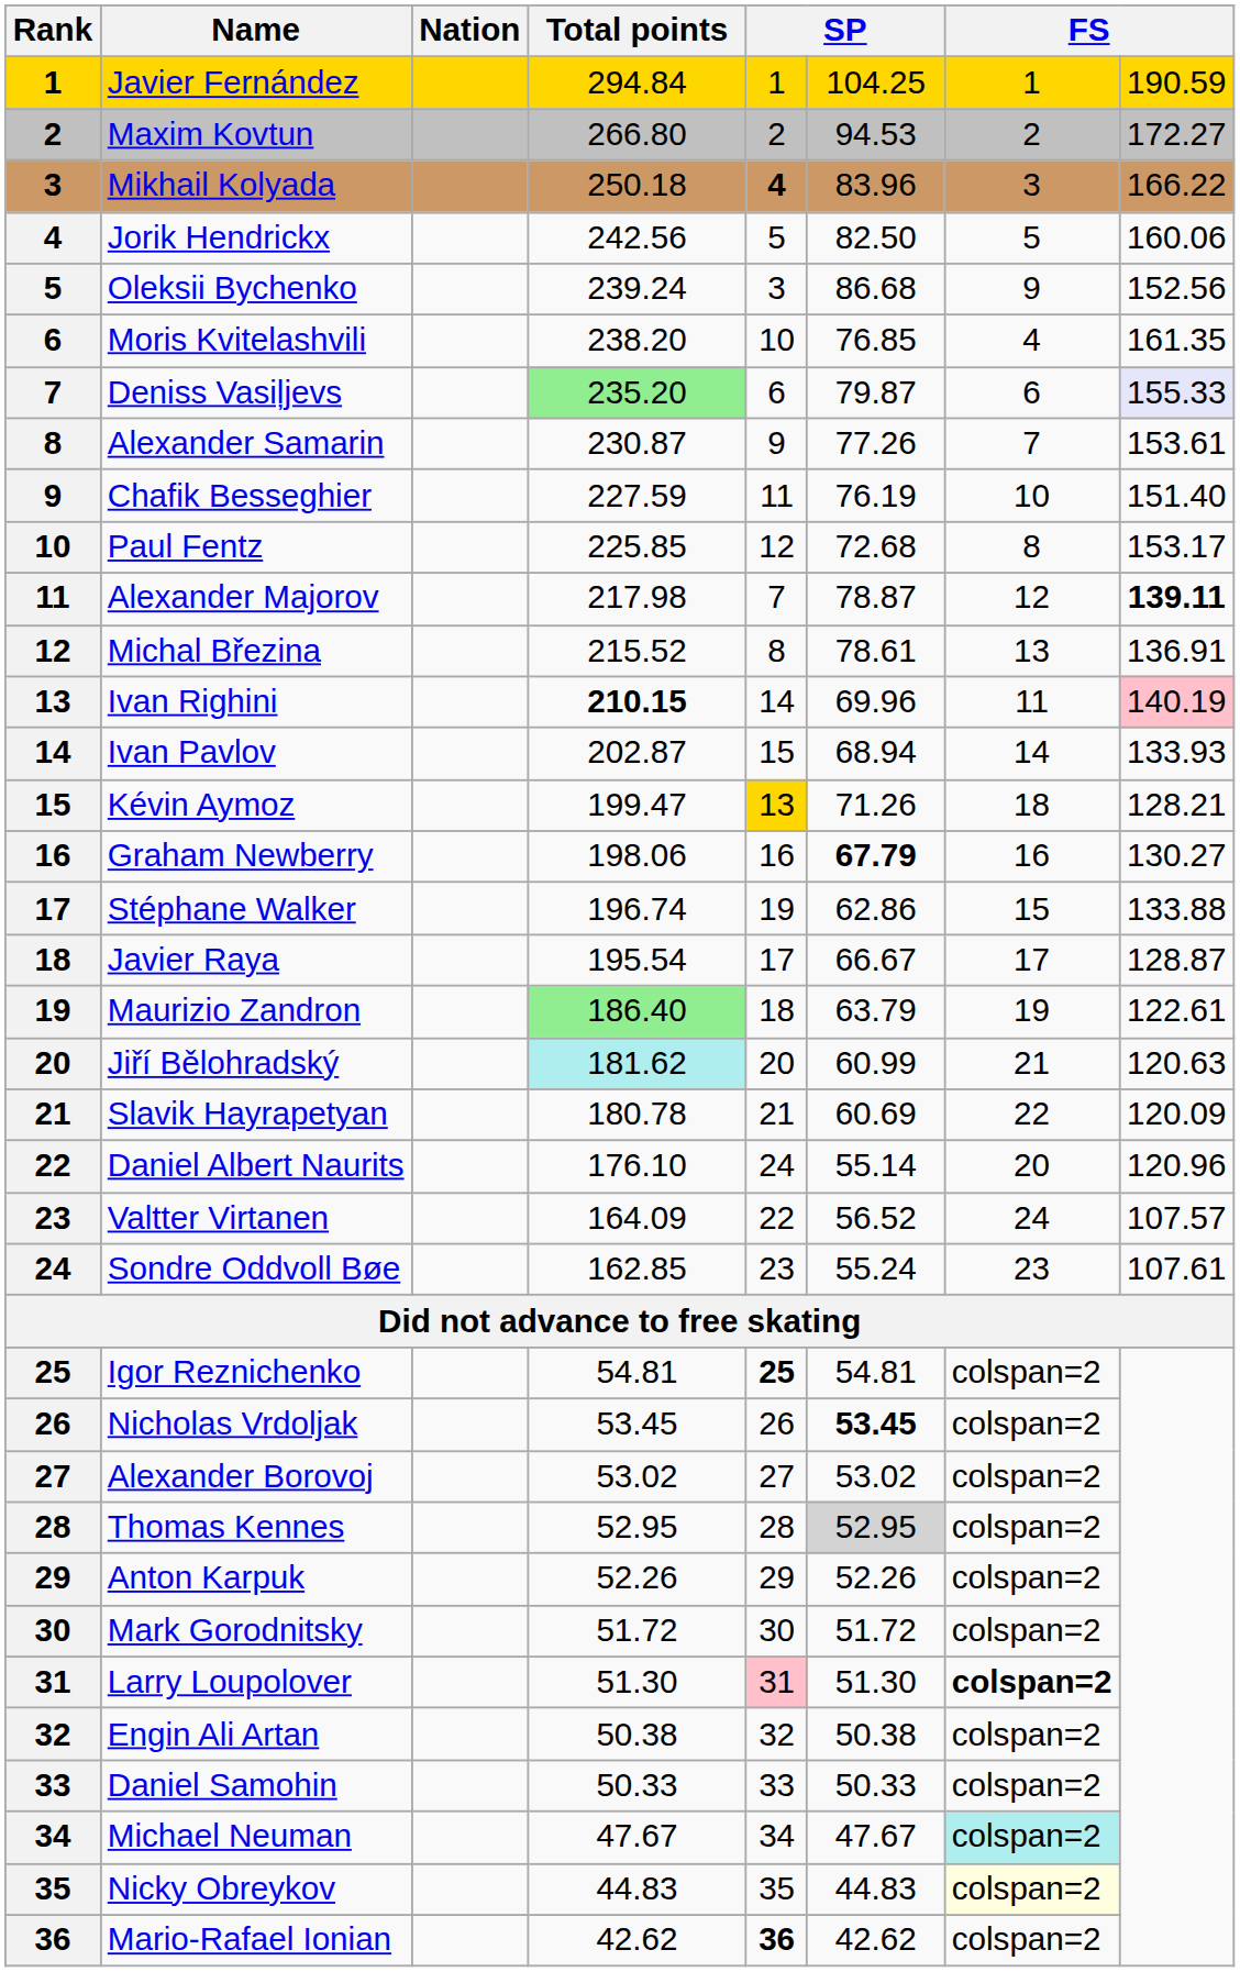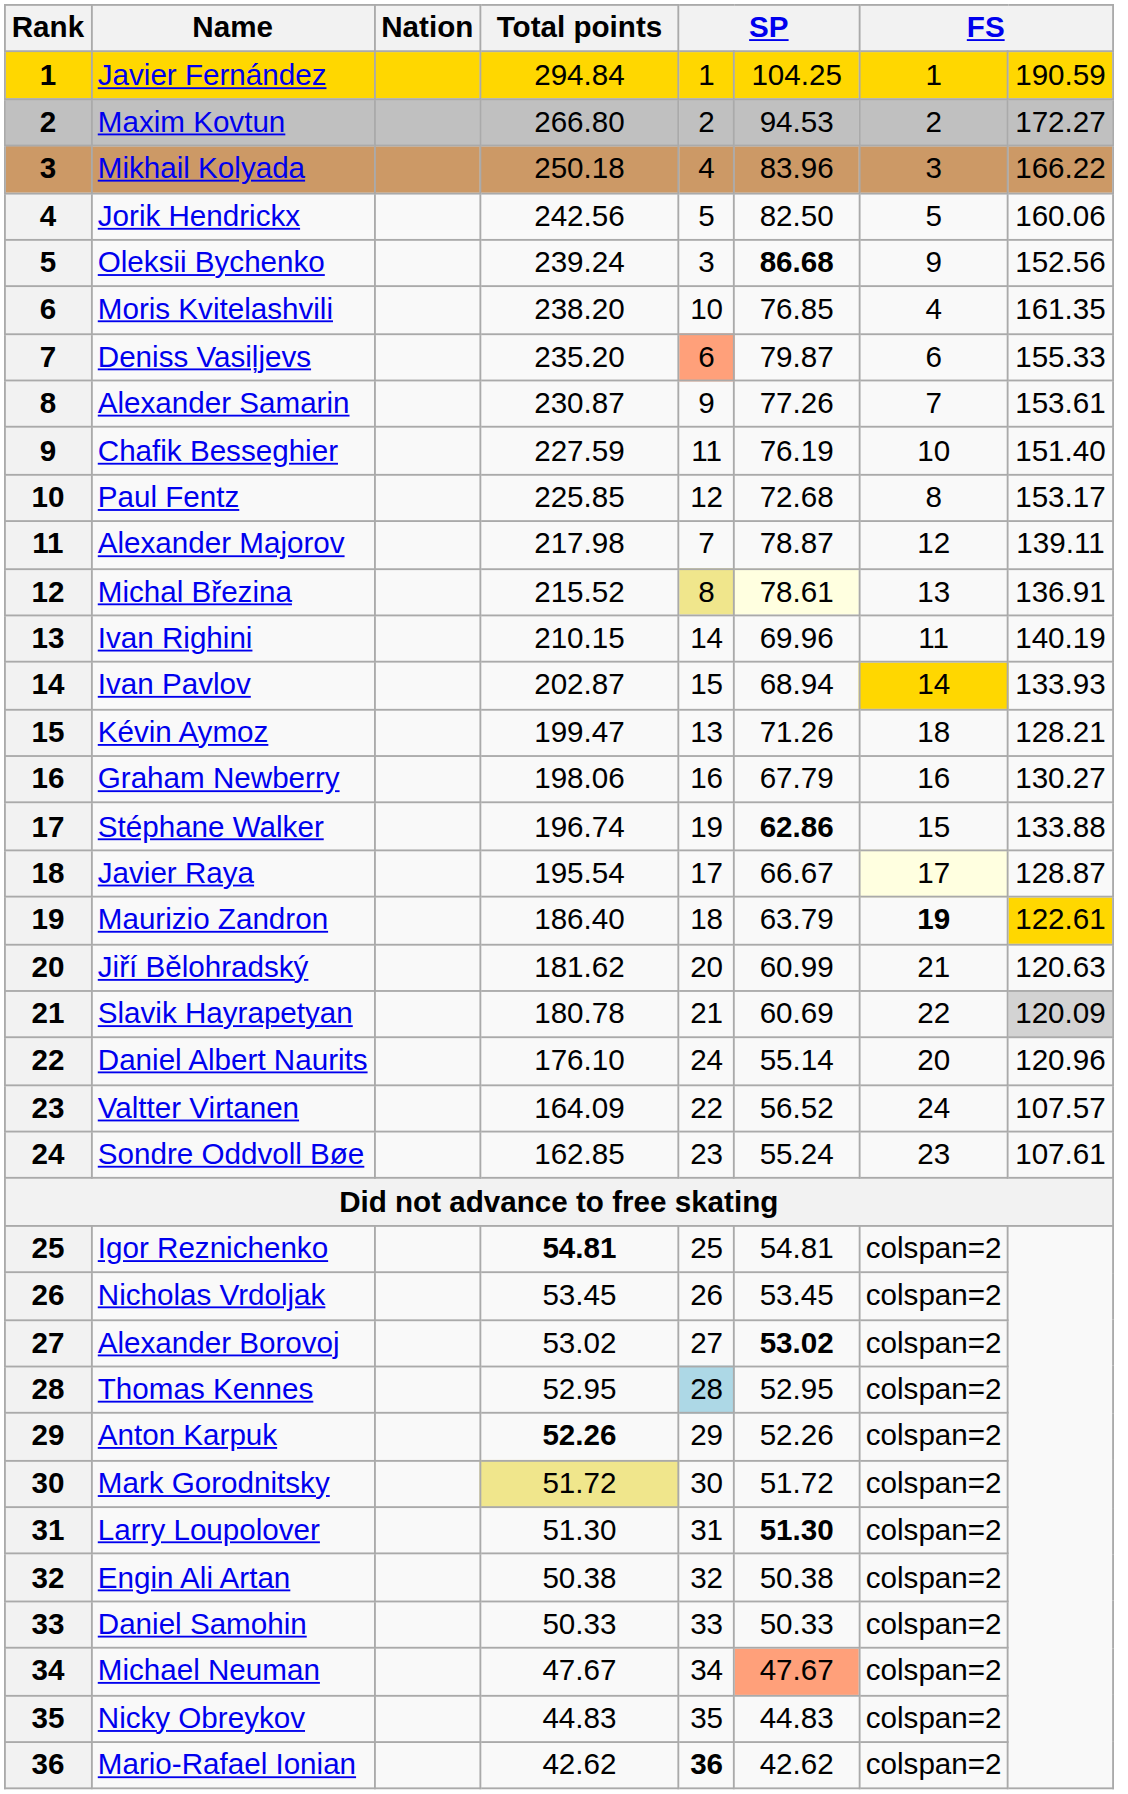 <table class="wikitable sortable">
 <tr>
 <th>Rank</th>
 <th>Name</th>
 <th>Nation</th>
 <th width="100px">Total points</th>
 <th colspan="2" width="90px"><a href='#'>SP</a></th>
 <th colspan="2" width="90px"><a href='#'>FS</a></th>
 </tr>
 <tr bgcolor="gold">
 <td align="center" bgcolor="gold"><strong>1</strong></td>
 <td><a href='#'>Javier Fernández</a></td>
 <td></td>
 <td align="center">294.84</td>
 <td align="center">1</td>
 <td align="center">104.25</td>
 <td align="center">1</td>
 <td align="center">190.59</td>
 </tr>
 <tr bgcolor="silver">
 <td align="center" bgcolor="silver"><strong>2</strong></td>
 <td><a href='#'>Maxim Kovtun</a></td>
 <td></td>
 <td align="center">266.80</td>
 <td align="center">2</td>
 <td align="center">94.53</td>
 <td align="center">2</td>
 <td align="center">172.27</td>
 </tr>
 <tr bgcolor="#cc9966">
 <td align="center" bgcolor="#cc9966"><strong>3</strong></td>
 <td><a href='#'>Mikhail Kolyada</a></td>
 <td></td>
 <td align="center">250.18</td>
-<td align="center"><strong>4</strong></td>
+<td align="center">4</td>
 <td align="center">83.96</td>
 <td align="center">3</td>
 <td align="center">166.22</td>
 </tr>
 <tr>
 <th>4</th>
 <td><a href='#'>Jorik Hendrickx</a></td>
 <td></td>
 <td align="center">242.56</td>
 <td align="center">5</td>
 <td align="center">82.50</td>
 <td align="center">5</td>
 <td align="center">160.06</td>
 </tr>
 <tr>
 <th>5</th>
 <td><a href='#'>Oleksii Bychenko</a></td>
 <td></td>
 <td align="center">239.24</td>
 <td align="center">3</td>
-<td align="center">86.68</td>
+<td align="center"><strong>86.68</strong></td>
 <td align="center">9</td>
 <td align="center">152.56</td>
 </tr>
 <tr>
 <th>6</th>
 <td><a href='#'>Moris Kvitelashvili</a></td>
 <td></td>
 <td align="center">238.20</td>
 <td align="center">10</td>
 <td align="center">76.85</td>
 <td align="center">4</td>
 <td align="center">161.35</td>
 </tr>
 <tr>
 <th>7</th>
 <td><a href='#'>Deniss Vasiļjevs</a></td>
 <td></td>
-<td align="center" style="background: lightgreen;">235.20</td>
-<td align="center">6</td>
+<td align="center">235.20</td>
+<td align="center" style="background: lightsalmon;">6</td>
 <td align="center">79.87</td>
 <td align="center">6</td>
-<td align="center" style="background: lavender;">155.33</td>
+<td align="center">155.33</td>
 </tr>
 <tr>
 <th>8</th>
 <td><a href='#'>Alexander Samarin</a></td>
 <td></td>
 <td align="center">230.87</td>
 <td align="center">9</td>
 <td align="center">77.26</td>
 <td align="center">7</td>
 <td align="center">153.61</td>
 </tr>
 <tr>
 <th>9</th>
 <td><a href='#'>Chafik Besseghier</a></td>
 <td></td>
 <td align="center">227.59</td>
 <td align="center">11</td>
 <td align="center">76.19</td>
 <td align="center">10</td>
 <td align="center">151.40</td>
 </tr>
 <tr>
 <th>10</th>
 <td><a href='#'>Paul Fentz</a></td>
 <td></td>
 <td align="center">225.85</td>
 <td align="center">12</td>
 <td align="center">72.68</td>
 <td align="center">8</td>
 <td align="center">153.17</td>
 </tr>
 <tr>
 <th>11</th>
 <td><a href='#'>Alexander Majorov</a></td>
 <td></td>
 <td align="center">217.98</td>
 <td align="center">7</td>
 <td align="center">78.87</td>
 <td align="center">12</td>
-<td align="center"><strong>139.11</strong></td>
+<td align="center">139.11</td>
 </tr>
 <tr>
 <th>12</th>
 <td><a href='#'>Michal Březina</a></td>
 <td></td>
 <td align="center">215.52</td>
-<td align="center">8</td>
-<td align="center">78.61</td>
+<td align="center" style="background: khaki;">8</td>
+<td align="center" style="background: lightyellow;">78.61</td>
 <td align="center">13</td>
 <td align="center">136.91</td>
 </tr>
 <tr>
 <th>13</th>
 <td><a href='#'>Ivan Righini</a></td>
 <td></td>
-<td align="center"><strong>210.15</strong></td>
+<td align="center">210.15</td>
 <td align="center">14</td>
 <td align="center">69.96</td>
 <td align="center">11</td>
-<td align="center" style="background: pink;">140.19</td>
+<td align="center">140.19</td>
 </tr>
 <tr>
 <th>14</th>
 <td><a href='#'>Ivan Pavlov</a></td>
 <td></td>
 <td align="center">202.87</td>
 <td align="center">15</td>
 <td align="center">68.94</td>
-<td align="center">14</td>
+<td align="center" style="background: gold;">14</td>
 <td align="center">133.93</td>
 </tr>
 <tr>
 <th>15</th>
 <td><a href='#'>Kévin Aymoz</a></td>
 <td></td>
 <td align="center">199.47</td>
-<td align="center" style="background: gold;">13</td>
+<td align="center">13</td>
 <td align="center">71.26</td>
 <td align="center">18</td>
 <td align="center">128.21</td>
 </tr>
 <tr>
 <th>16</th>
 <td><a href='#'>Graham Newberry</a></td>
 <td></td>
 <td align="center">198.06</td>
 <td align="center">16</td>
-<td align="center"><strong>67.79</strong></td>
+<td align="center">67.79</td>
 <td align="center">16</td>
 <td align="center">130.27</td>
 </tr>
 <tr>
 <th>17</th>
 <td><a href='#'>Stéphane Walker</a></td>
 <td></td>
 <td align="center">196.74</td>
 <td align="center">19</td>
-<td align="center">62.86</td>
+<td align="center"><strong>62.86</strong></td>
 <td align="center">15</td>
 <td align="center">133.88</td>
 </tr>
 <tr>
 <th>18</th>
 <td><a href='#'>Javier Raya</a></td>
 <td></td>
 <td align="center">195.54</td>
 <td align="center">17</td>
 <td align="center">66.67</td>
-<td align="center">17</td>
+<td align="center" style="background: lightyellow;">17</td>
 <td align="center">128.87</td>
 </tr>
 <tr>
 <th>19</th>
 <td><a href='#'>Maurizio Zandron</a></td>
 <td></td>
-<td align="center" style="background: lightgreen;">186.40</td>
+<td align="center">186.40</td>
 <td align="center">18</td>
 <td align="center">63.79</td>
-<td align="center">19</td>
-<td align="center">122.61</td>
+<td align="center"><strong>19</strong></td>
+<td align="center" style="background: gold;">122.61</td>
 </tr>
 <tr>
 <th>20</th>
 <td><a href='#'>Jiří Bělohradský</a></td>
 <td></td>
-<td align="center" style="background: paleturquoise;">181.62</td>
+<td align="center">181.62</td>
 <td align="center">20</td>
 <td align="center">60.99</td>
 <td align="center">21</td>
 <td align="center">120.63</td>
 </tr>
 <tr>
 <th>21</th>
 <td><a href='#'>Slavik Hayrapetyan</a></td>
 <td></td>
 <td align="center">180.78</td>
 <td align="center">21</td>
 <td align="center">60.69</td>
 <td align="center">22</td>
-<td align="center">120.09</td>
+<td align="center" style="background: lightgrey;">120.09</td>
 </tr>
 <tr>
 <th>22</th>
 <td><a href='#'>Daniel Albert Naurits</a></td>
 <td></td>
 <td align="center">176.10</td>
 <td align="center">24</td>
 <td align="center">55.14</td>
 <td align="center">20</td>
 <td align="center">120.96</td>
 </tr>
 <tr>
 <th>23</th>
 <td><a href='#'>Valtter Virtanen</a></td>
 <td></td>
 <td align="center">164.09</td>
 <td align="center">22</td>
 <td align="center">56.52</td>
 <td align="center">24</td>
 <td align="center">107.57</td>
 </tr>
 <tr>
 <th>24</th>
 <td><a href='#'>Sondre Oddvoll Bøe</a></td>
 <td></td>
 <td align="center">162.85</td>
 <td align="center">23</td>
 <td align="center">55.24</td>
 <td align="center">23</td>
 <td align="center">107.61</td>
 </tr>
 <tr>
 <th colspan=8>Did not advance to free skating</th>
 </tr>
 <tr>
 <th>25</th>
 <td><a href='#'>Igor Reznichenko</a></td>
 <td></td>
-<td align="center">54.81</td>
-<td align="center"><strong>25</strong></td>
+<td align="center"><strong>54.81</strong></td>
+<td align="center">25</td>
 <td align="center">54.81</td>
 <td>colspan=2 </td>
 </tr>
 <tr>
 <th>26</th>
 <td><a href='#'>Nicholas Vrdoljak</a></td>
 <td></td>
 <td align="center">53.45</td>
 <td align="center">26</td>
-<td align="center"><strong>53.45</strong></td>
+<td align="center">53.45</td>
 <td>colspan=2 </td>
 </tr>
 <tr>
 <th>27</th>
 <td><a href='#'>Alexander Borovoj</a></td>
 <td></td>
 <td align="center">53.02</td>
 <td align="center">27</td>
-<td align="center">53.02</td>
+<td align="center"><strong>53.02</strong></td>
 <td>colspan=2 </td>
 </tr>
 <tr>
 <th>28</th>
 <td><a href='#'>Thomas Kennes</a></td>
 <td></td>
 <td align="center">52.95</td>
-<td align="center">28</td>
-<td align="center" style="background: lightgrey;">52.95</td>
+<td align="center" style="background: lightblue;">28</td>
+<td align="center">52.95</td>
 <td>colspan=2 </td>
 </tr>
 <tr>
 <th>29</th>
 <td><a href='#'>Anton Karpuk</a></td>
 <td></td>
-<td align="center">52.26</td>
+<td align="center"><strong>52.26</strong></td>
 <td align="center">29</td>
 <td align="center">52.26</td>
 <td>colspan=2 </td>
 </tr>
 <tr>
 <th>30</th>
 <td><a href='#'>Mark Gorodnitsky</a></td>
 <td></td>
-<td align="center">51.72</td>
+<td align="center" style="background: khaki;">51.72</td>
 <td align="center">30</td>
 <td align="center">51.72</td>
 <td>colspan=2 </td>
 </tr>
 <tr>
 <th>31</th>
 <td><a href='#'>Larry Loupolover</a></td>
 <td></td>
 <td align="center">51.30</td>
-<td align="center" style="background: pink;">31</td>
-<td align="center">51.30</td>
-<td><strong>colspan=2 </strong></td>
+<td align="center">31</td>
+<td align="center"><strong>51.30</strong></td>
+<td>colspan=2 </td>
 </tr>
 <tr>
 <th>32</th>
 <td><a href='#'>Engin Ali Artan</a></td>
 <td></td>
 <td align="center">50.38</td>
 <td align="center">32</td>
 <td align="center">50.38</td>
 <td>colspan=2 </td>
 </tr>
 <tr>
 <th>33</th>
 <td><a href='#'>Daniel Samohin</a></td>
 <td></td>
 <td align="center">50.33</td>
 <td align="center">33</td>
 <td align="center">50.33</td>
 <td>colspan=2 </td>
 </tr>
 <tr>
 <th>34</th>
 <td><a href='#'>Michael Neuman</a></td>
 <td></td>
 <td align="center">47.67</td>
 <td align="center">34</td>
-<td align="center">47.67</td>
-<td style="background: paleturquoise;">colspan=2 </td>
+<td align="center" style="background: lightsalmon;">47.67</td>
+<td>colspan=2 </td>
 </tr>
 <tr>
 <th>35</th>
 <td><a href='#'>Nicky Obreykov</a></td>
 <td></td>
 <td align="center">44.83</td>
 <td align="center">35</td>
 <td align="center">44.83</td>
-<td style="background: lightyellow;">colspan=2 </td>
+<td>colspan=2 </td>
 </tr>
 <tr>
 <th>36</th>
 <td><a href='#'>Mario-Rafael Ionian</a></td>
 <td></td>
 <td align="center">42.62</td>
 <td align="center"><strong>36</strong></td>
 <td align="center">42.62</td>
 <td>colspan=2 </td>
 </tr>
 </table>
